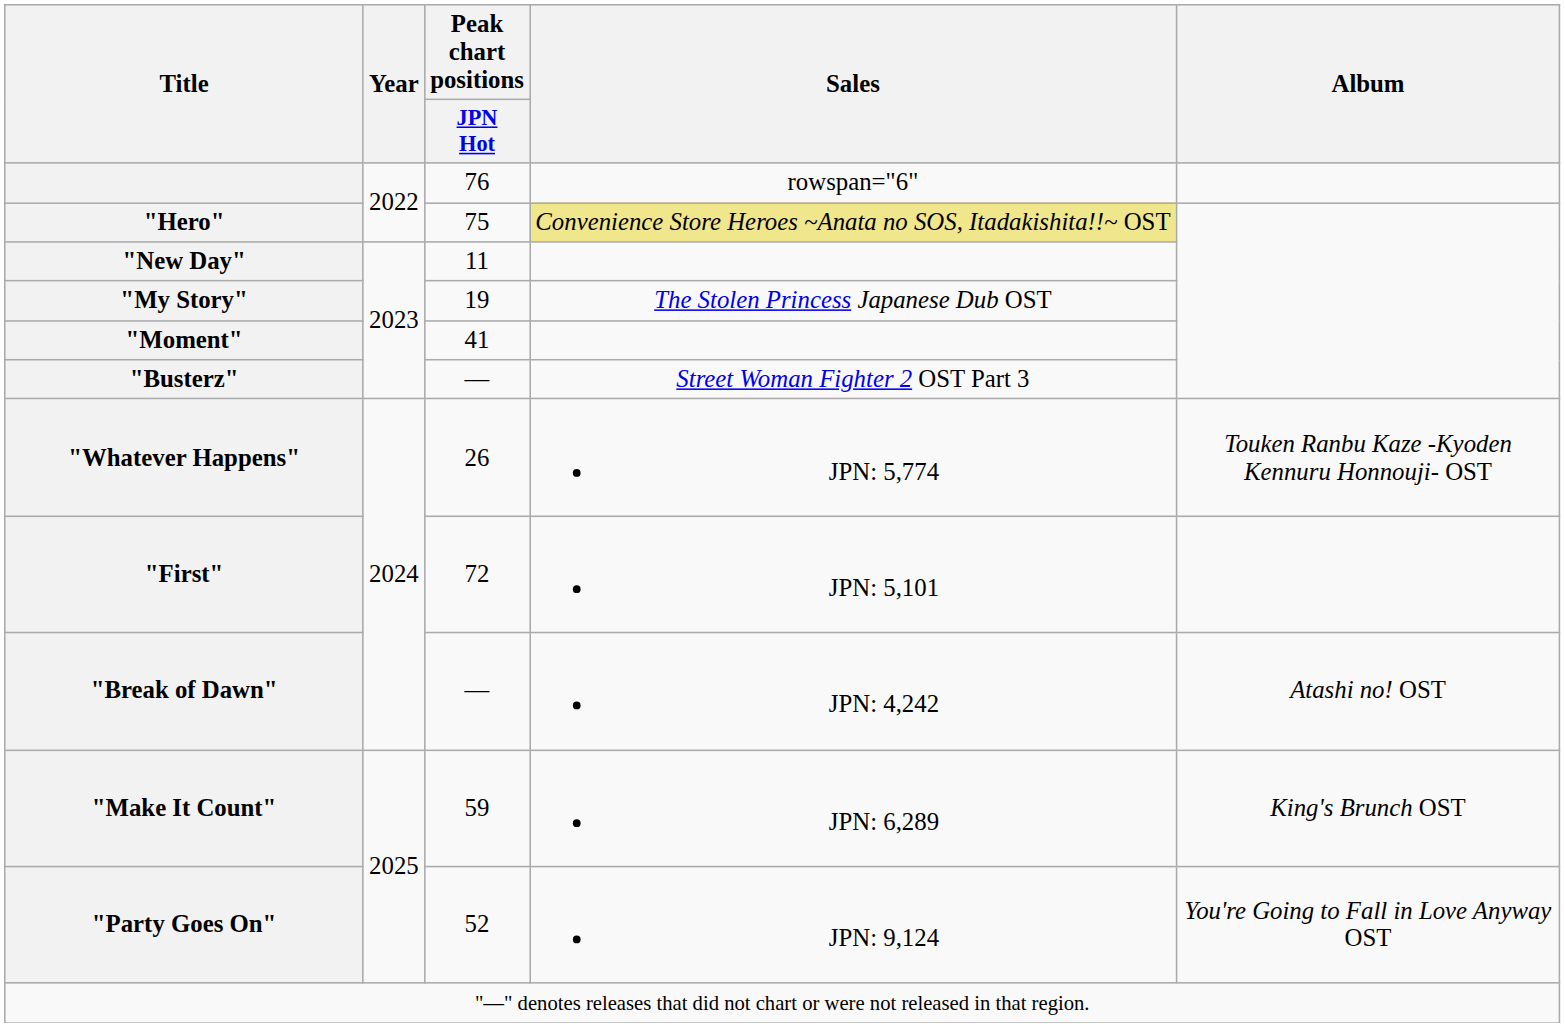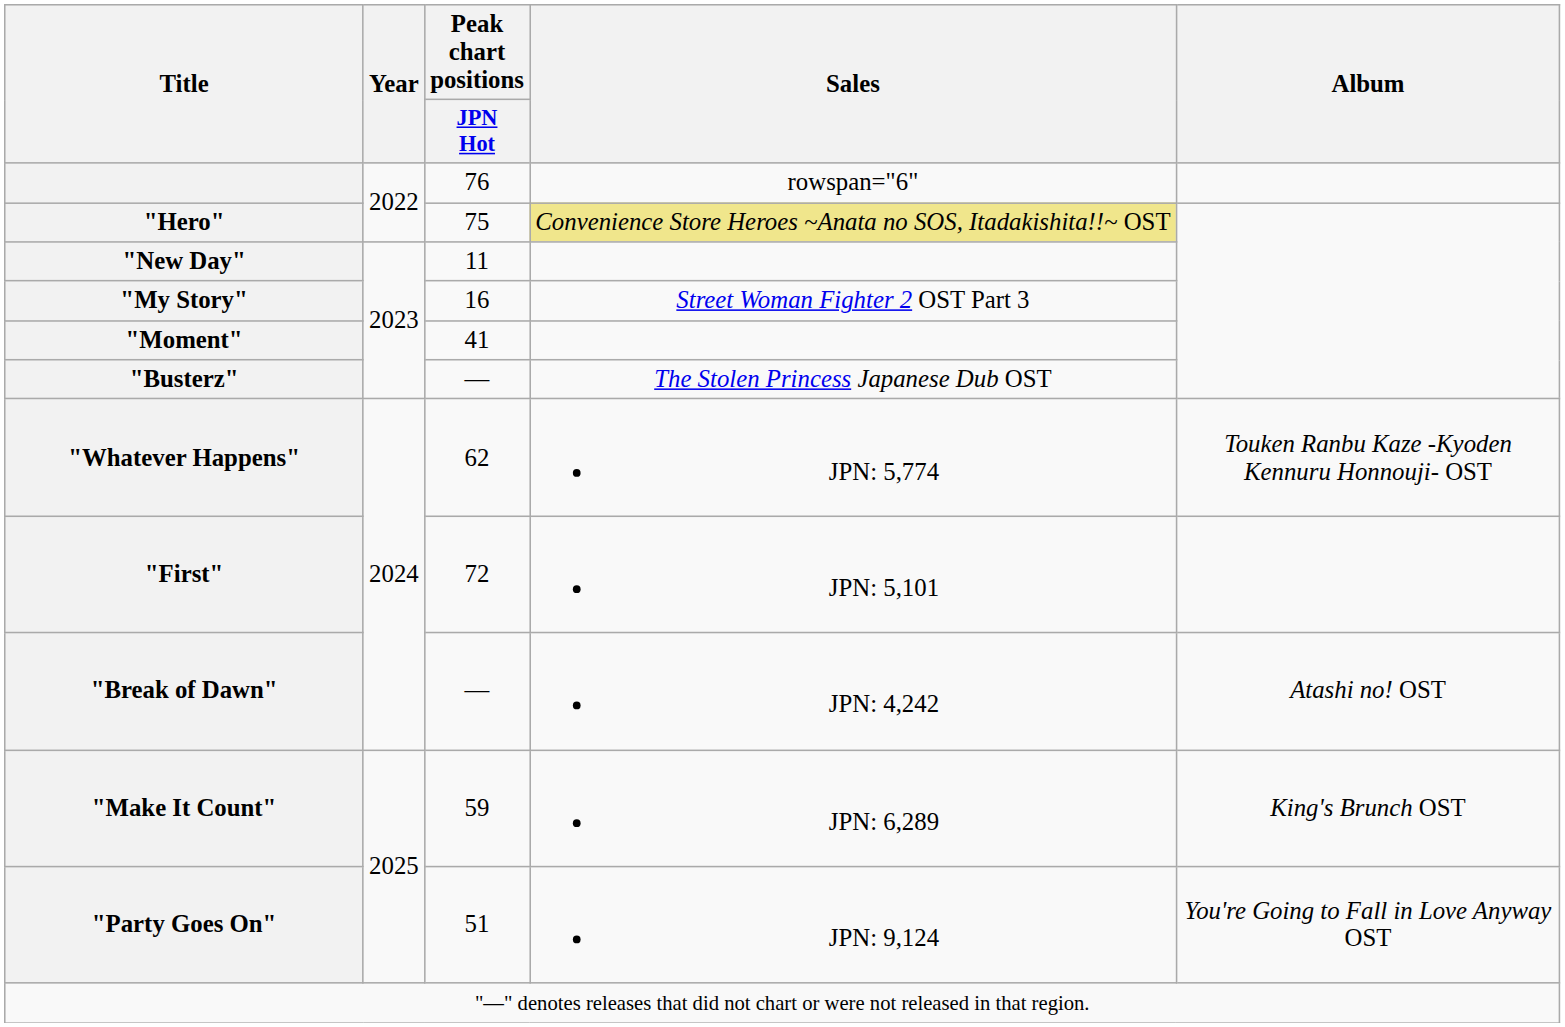 <table class="wikitable plainrowheaders" style="text-align:center;">
 <tr>
 <th rowspan="2" scope="col" style="width:14em;">Title</th>
 <th rowspan="2" scope="col" style="width:2em;">Year</th>
 <th scope="col">Peak chart positions</th>
 <th rowspan="2" scope="col">Sales</th>
 <th rowspan="2" scope="col" style="width:15em;">Album</th>
 </tr>
 <tr>
 <th scope="col" style="width:2.5em;font-size:90%;"><a href='#'>JPN<br>Hot</a><br></th>
 </tr>
 <tr>
 <th scope="row"></th>
 <td rowspan="2">2022</td>
 <td>76</td>
 <td>rowspan="6" </td>
 <td></td>
 </tr>
 <tr>
 <th scope="row">"Hero"</th>
 <td>75</td>
 <td style="background: khaki;"><em>Convenience Store Heroes ~Anata no SOS, Itadakishita!!~</em> OST</td>
 </tr>
 <tr>
 <th scope="row">"New Day"</th>
 <td rowspan="4">2023</td>
 <td>11</td>
 <td></td>
 </tr>
 <tr>
 <th scope="row">"My Story"</th>
-<td>19</td>
-<td><em><a href='#'>The Stolen Princess</a> Japanese Dub</em> OST</td>
+<td>16</td>
+<td><em><a href='#'>Street Woman Fighter 2</a></em> OST Part 3</td>
 </tr>
 <tr>
 <th scope="row">"Moment"</th>
 <td>41</td>
 <td></td>
 </tr>
 <tr>
 <th scope="row">"Busterz"</th>
 <td>—</td>
-<td><em><a href='#'>Street Woman Fighter 2</a></em> OST Part 3</td>
+<td><em><a href='#'>The Stolen Princess</a> Japanese Dub</em> OST</td>
 </tr>
 <tr>
 <th scope="row">"Whatever Happens"</th>
 <td rowspan="3">2024</td>
-<td>26</td>
+<td>62</td>
 <td><br><ul><li>JPN: 5,774 </li></ul></td>
 <td><em>Touken Ranbu Kaze -Kyoden Kennuru Honnouji-</em> OST</td>
 </tr>
 <tr>
 <th scope="row">"First"</th>
 <td>72</td>
 <td><br><ul><li>JPN: 5,101 </li></ul></td>
 <td></td>
 </tr>
 <tr>
 <th scope="row">"Break of Dawn"</th>
 <td>—</td>
 <td><br><ul><li>JPN: 4,242 </li></ul></td>
 <td><em>Atashi no!</em> OST</td>
 </tr>
 <tr>
 <th scope="row">"Make It Count"</th>
 <td rowspan="2">2025</td>
 <td>59</td>
 <td><br><ul><li>JPN: 6,289 </li></ul></td>
 <td><em>King's Brunch</em> OST</td>
 </tr>
 <tr>
 <th scope="row">"Party Goes On"</th>
-<td>52</td>
+<td>51</td>
 <td><br><ul><li>JPN: 9,124 </li></ul></td>
 <td><em>You're Going to Fall in Love Anyway</em> OST</td>
 </tr>
 <tr>
 <td colspan="5"><small>"—" denotes releases that did not chart or were not released in that region.</small></td>
 </tr>
 </table>
